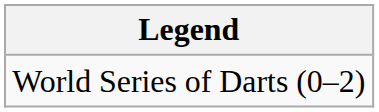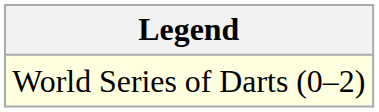 <table class="wikitable">
 <tr>
 <th>Legend</th>
 </tr>
 <tr>
-<td>World Series of Darts (0–2)</td>
+<td style="background: lightyellow;">World Series of Darts (0–2)</td>
 </tr>
 </table>
